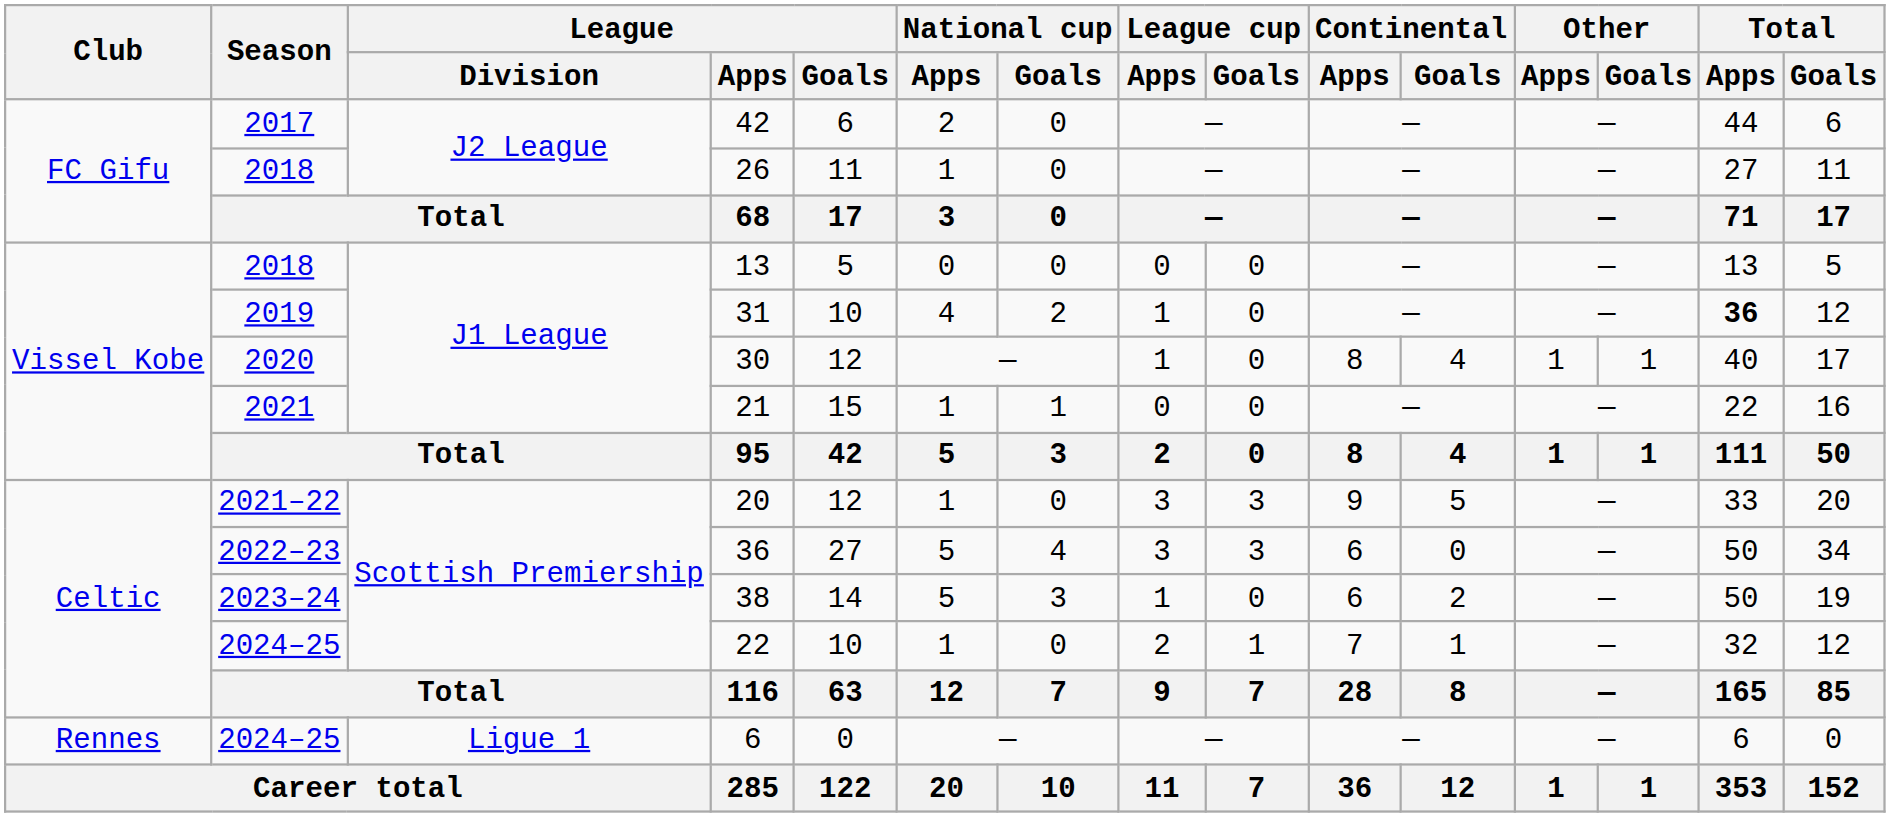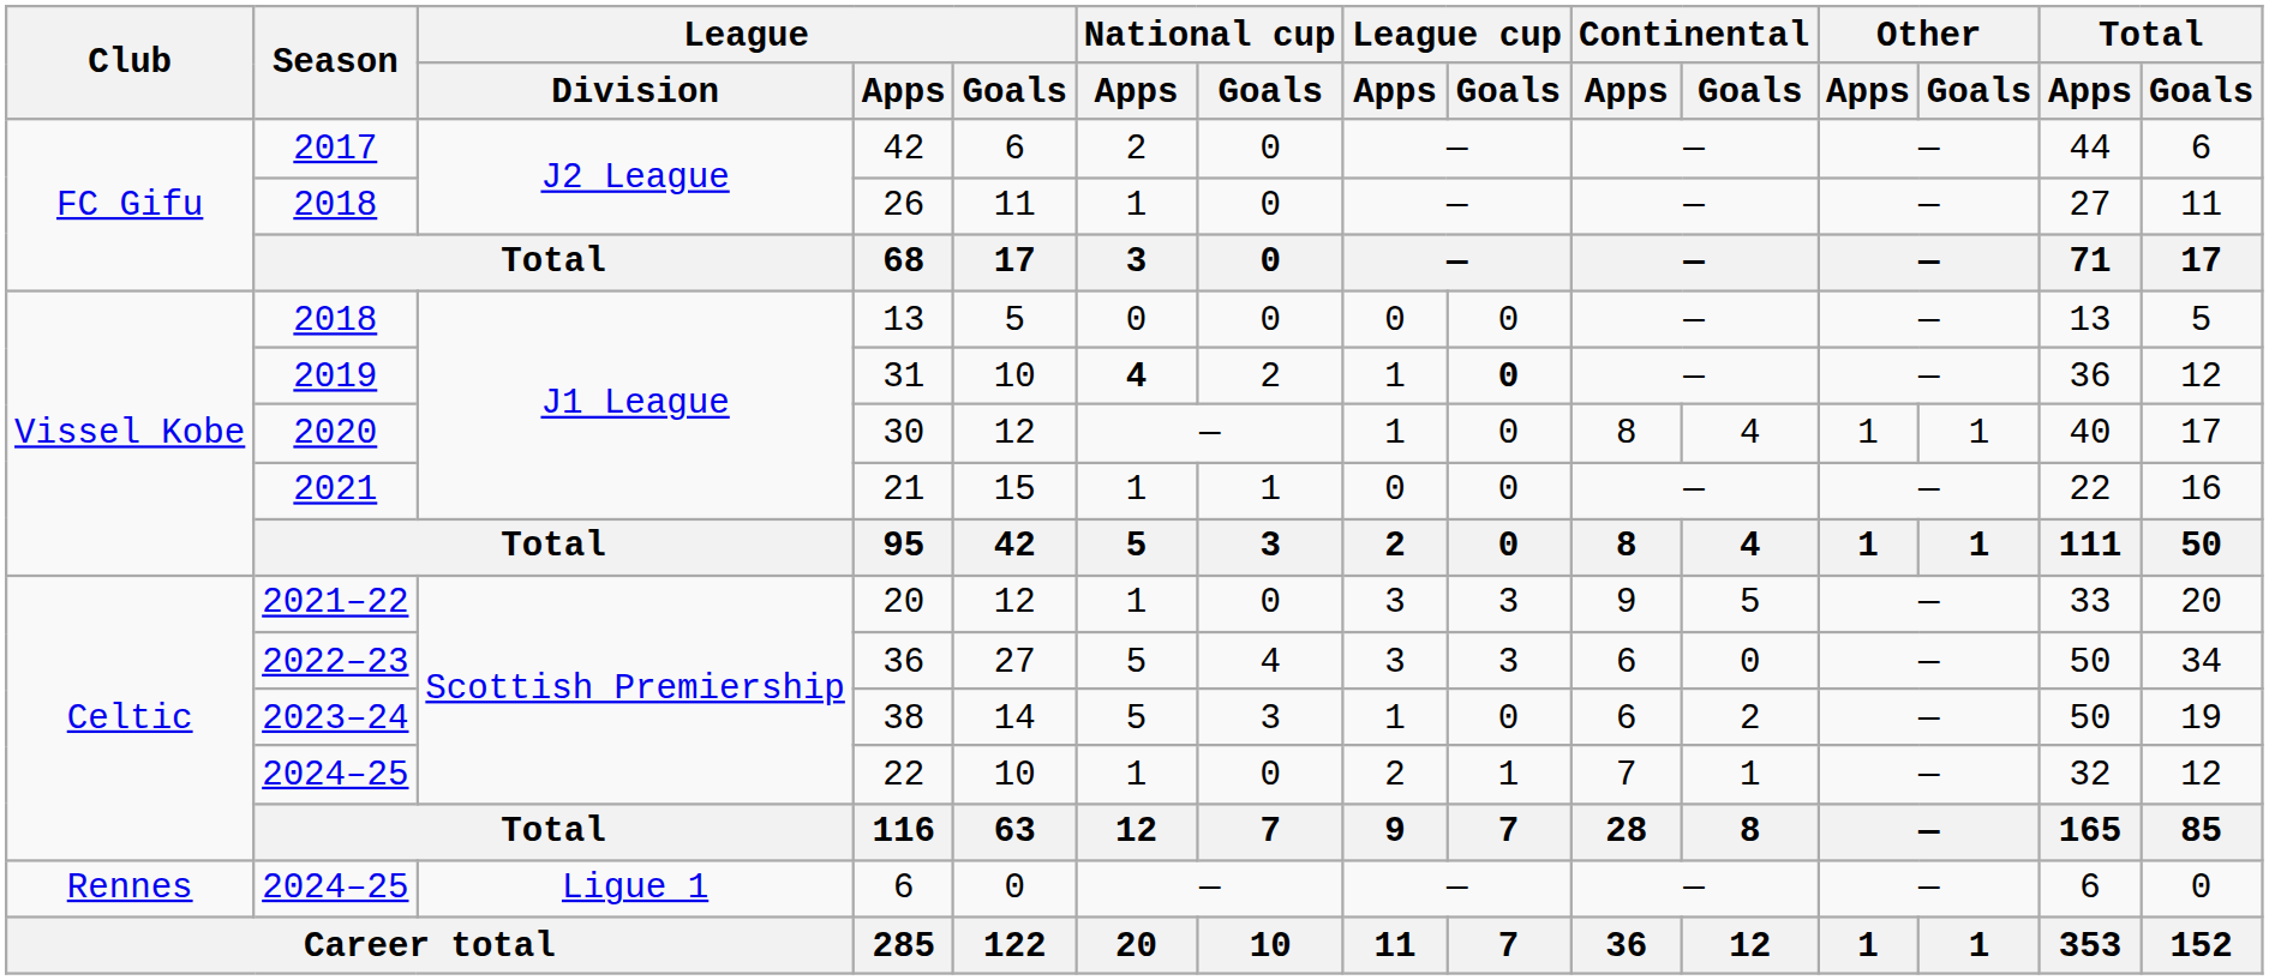 <table class="wikitable" style="text-align:center">
 <tr>
 <th rowspan="2">Club</th>
 <th rowspan="2">Season</th>
 <th colspan="3">League</th>
 <th colspan="2">National cup</th>
 <th colspan="2">League cup</th>
 <th colspan="2">Continental</th>
 <th colspan="2">Other</th>
 <th colspan="2">Total</th>
 </tr>
 <tr>
 <th>Division</th>
 <th>Apps</th>
 <th>Goals</th>
 <th>Apps</th>
 <th>Goals</th>
 <th>Apps</th>
 <th>Goals</th>
 <th>Apps</th>
 <th>Goals</th>
 <th>Apps</th>
 <th>Goals</th>
 <th>Apps</th>
 <th>Goals</th>
 </tr>
 <tr>
 <td rowspan="3"><a href='#'>FC Gifu</a></td>
 <td><a href='#'>2017</a></td>
 <td rowspan="2"><a href='#'>J2 League</a></td>
 <td>42</td>
 <td>6</td>
 <td>2</td>
 <td>0</td>
 <td colspan="2">—</td>
 <td colspan="2">—</td>
 <td colspan="2">—</td>
 <td>44</td>
 <td>6</td>
 </tr>
 <tr>
 <td><a href='#'>2018</a></td>
 <td>26</td>
 <td>11</td>
 <td>1</td>
 <td>0</td>
 <td colspan="2">—</td>
 <td colspan="2">—</td>
 <td colspan="2">—</td>
 <td>27</td>
 <td>11</td>
 </tr>
 <tr>
 <th colspan="2">Total</th>
 <th>68</th>
 <th>17</th>
 <th>3</th>
 <th>0</th>
 <th colspan="2">—</th>
 <th colspan="2">—</th>
 <th colspan="2">—</th>
 <th>71</th>
 <th>17</th>
 </tr>
 <tr>
 <td rowspan="5"><a href='#'>Vissel Kobe</a></td>
 <td><a href='#'>2018</a></td>
 <td rowspan="4"><a href='#'>J1 League</a></td>
 <td>13</td>
 <td>5</td>
 <td>0</td>
 <td>0</td>
 <td>0</td>
 <td>0</td>
 <td colspan="2">—</td>
 <td colspan="2">—</td>
 <td>13</td>
 <td>5</td>
 </tr>
 <tr>
 <td><a href='#'>2019</a></td>
 <td>31</td>
 <td>10</td>
-<td>4</td>
+<td><strong>4</strong></td>
 <td>2</td>
 <td>1</td>
-<td>0</td>
+<td><strong>0</strong></td>
 <td colspan="2">—</td>
 <td colspan="2">—</td>
-<td><strong>36</strong></td>
+<td>36</td>
 <td>12</td>
 </tr>
 <tr>
 <td><a href='#'>2020</a></td>
 <td>30</td>
 <td>12</td>
 <td colspan="2">—</td>
 <td>1</td>
 <td>0</td>
 <td>8</td>
 <td>4</td>
 <td>1</td>
 <td>1</td>
 <td>40</td>
 <td>17</td>
 </tr>
 <tr>
 <td><a href='#'>2021</a></td>
 <td>21</td>
 <td>15</td>
 <td>1</td>
 <td>1</td>
 <td>0</td>
 <td>0</td>
 <td colspan="2">—</td>
 <td colspan="2">—</td>
 <td>22</td>
 <td>16</td>
 </tr>
 <tr>
 <th colspan="2">Total</th>
 <th>95</th>
 <th>42</th>
 <th>5</th>
 <th>3</th>
 <th>2</th>
 <th>0</th>
 <th>8</th>
 <th>4</th>
 <th>1</th>
 <th>1</th>
 <th>111</th>
 <th>50</th>
 </tr>
 <tr>
 <td rowspan="5"><a href='#'>Celtic</a></td>
 <td><a href='#'>2021–22</a></td>
 <td rowspan="4"><a href='#'>Scottish Premiership</a></td>
 <td>20</td>
 <td>12</td>
 <td>1</td>
 <td>0</td>
 <td>3</td>
 <td>3</td>
 <td>9</td>
 <td>5</td>
 <td colspan="2">—</td>
 <td>33</td>
 <td>20</td>
 </tr>
 <tr>
 <td><a href='#'>2022–23</a></td>
 <td>36</td>
 <td>27</td>
 <td>5</td>
 <td>4</td>
 <td>3</td>
 <td>3</td>
 <td>6</td>
 <td>0</td>
 <td colspan="2">—</td>
 <td>50</td>
 <td>34</td>
 </tr>
 <tr>
 <td><a href='#'>2023–24</a></td>
 <td>38</td>
 <td>14</td>
 <td>5</td>
 <td>3</td>
 <td>1</td>
 <td>0</td>
 <td>6</td>
 <td>2</td>
 <td colspan="2">—</td>
 <td>50</td>
 <td>19</td>
 </tr>
 <tr>
 <td><a href='#'>2024–25</a></td>
 <td>22</td>
 <td>10</td>
 <td>1</td>
 <td>0</td>
 <td>2</td>
 <td>1</td>
 <td>7</td>
 <td>1</td>
 <td colspan="2">—</td>
 <td>32</td>
 <td>12</td>
 </tr>
 <tr>
 <th colspan="2">Total</th>
 <th>116</th>
 <th>63</th>
 <th>12</th>
 <th>7</th>
 <th>9</th>
 <th>7</th>
 <th>28</th>
 <th>8</th>
 <th colspan="2">—</th>
 <th>165</th>
 <th>85</th>
 </tr>
 <tr>
 <td><a href='#'>Rennes</a></td>
 <td><a href='#'>2024–25</a></td>
 <td><a href='#'>Ligue 1</a></td>
 <td>6</td>
 <td>0</td>
 <td colspan="2">—</td>
 <td colspan="2">—</td>
 <td colspan="2">—</td>
 <td colspan="2">—</td>
 <td>6</td>
 <td>0</td>
 </tr>
 <tr>
 <th colspan="3">Career total</th>
 <th>285</th>
 <th>122</th>
 <th>20</th>
 <th>10</th>
 <th>11</th>
 <th>7</th>
 <th>36</th>
 <th>12</th>
 <th>1</th>
 <th>1</th>
 <th>353</th>
 <th>152</th>
 </tr>
 </table>
